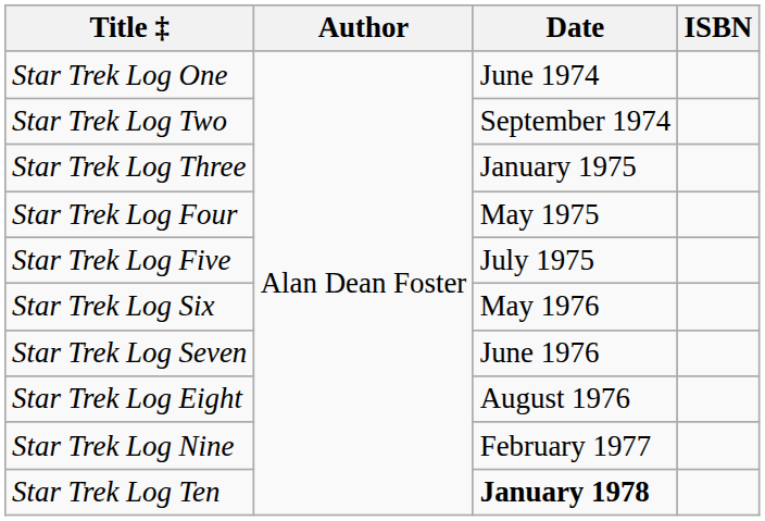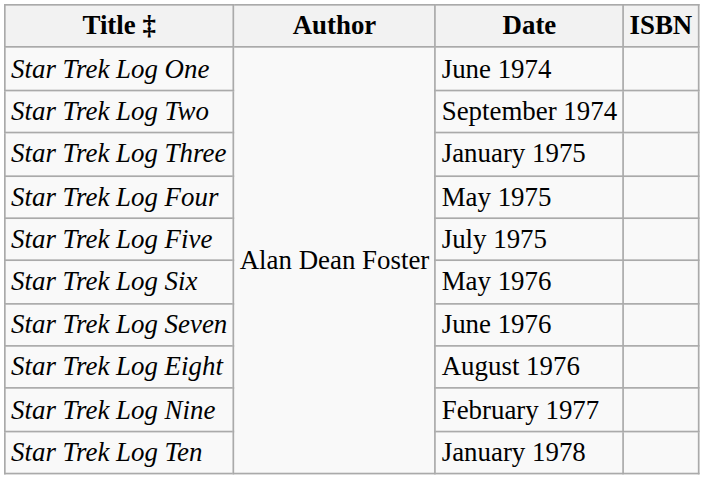 <table class="wikitable">
 <tr>
 <th>Title ‡</th>
 <th>Author</th>
 <th>Date</th>
 <th>ISBN</th>
 </tr>
 <tr>
 <td><em>Star Trek Log One</em></td>
 <td rowspan="10">Alan Dean Foster</td>
 <td>June 1974</td>
 <td></td>
 </tr>
 <tr>
 <td><em>Star Trek Log Two</em></td>
 <td>September 1974</td>
 <td></td>
 </tr>
 <tr>
 <td><em>Star Trek Log Three</em></td>
 <td>January 1975</td>
 <td></td>
 </tr>
 <tr>
 <td><em>Star Trek Log Four</em></td>
 <td>May 1975</td>
 <td></td>
 </tr>
 <tr>
 <td><em>Star Trek Log Five</em></td>
 <td>July 1975</td>
 <td></td>
 </tr>
 <tr>
 <td><em>Star Trek Log Six</em></td>
 <td>May 1976</td>
 <td></td>
 </tr>
 <tr>
 <td><em>Star Trek Log Seven</em></td>
 <td>June 1976</td>
 <td></td>
 </tr>
 <tr>
 <td><em>Star Trek Log Eight</em></td>
 <td>August 1976</td>
 <td></td>
 </tr>
 <tr>
 <td><em>Star Trek Log Nine</em></td>
 <td>February 1977</td>
 <td></td>
 </tr>
 <tr>
 <td><em>Star Trek Log Ten</em></td>
-<td><strong>January 1978</strong></td>
+<td>January 1978</td>
 <td></td>
 </tr>
 </table>
